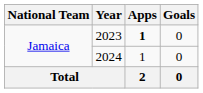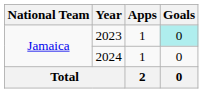 <table class="wikitable" style="text-align:center">
 <tr>
 <th>National Team</th>
 <th>Year</th>
 <th>Apps</th>
 <th>Goals</th>
 </tr>
 <tr>
 <td rowspan="2"><a href='#'>Jamaica</a></td>
 <td>2023</td>
-<td><strong>1</strong></td>
-<td>0</td>
+<td>1</td>
+<td style="background: paleturquoise;">0</td>
 </tr>
 <tr>
 <td>2024</td>
 <td>1</td>
 <td>0</td>
 </tr>
 <tr>
 <th colspan="2">Total</th>
 <th>2</th>
 <th>0</th>
 </tr>
 </table>
